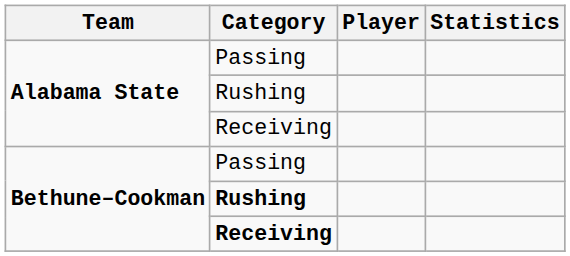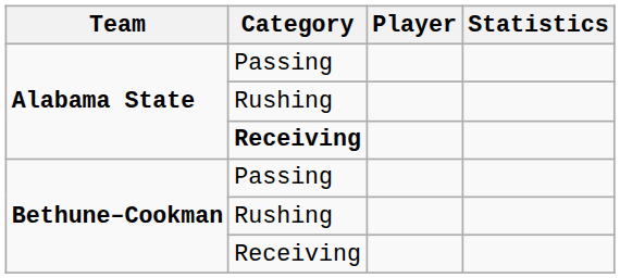 <table class="wikitable" style="float: right;">
 <tr>
 <th>Team</th>
 <th>Category</th>
 <th>Player</th>
 <th>Statistics</th>
 </tr>
 <tr>
 <td rowspan=3><strong>Alabama State</strong></td>
 <td>Passing</td>
 <td></td>
 <td></td>
 </tr>
 <tr>
 <td>Rushing</td>
 <td></td>
 <td></td>
 </tr>
 <tr>
-<td>Receiving</td>
+<td><strong>Receiving</strong></td>
 <td></td>
 <td></td>
 </tr>
 <tr>
 <td rowspan=3><strong>Bethune–Cookman</strong></td>
 <td>Passing</td>
 <td></td>
 <td></td>
 </tr>
 <tr>
-<td><strong>Rushing</strong></td>
+<td>Rushing</td>
 <td></td>
 <td></td>
 </tr>
 <tr>
-<td><strong>Receiving</strong></td>
+<td>Receiving</td>
 <td></td>
 <td></td>
 </tr>
 </table>
